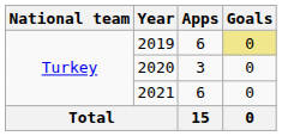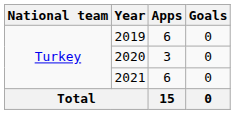 <table class="wikitable" style="text-align:center">
 <tr>
 <th>National team</th>
 <th>Year</th>
 <th>Apps</th>
 <th>Goals</th>
 </tr>
 <tr>
 <td rowspan="3"><a href='#'>Turkey</a></td>
 <td>2019</td>
 <td>6</td>
-<td style="background: khaki;">0</td>
+<td>0</td>
 </tr>
 <tr>
 <td>2020</td>
 <td>3</td>
 <td>0</td>
 </tr>
 <tr>
 <td>2021</td>
 <td>6</td>
 <td>0</td>
 </tr>
 <tr>
 <th colspan="2">Total</th>
 <th>15</th>
 <th>0</th>
 </tr>
 </table>
